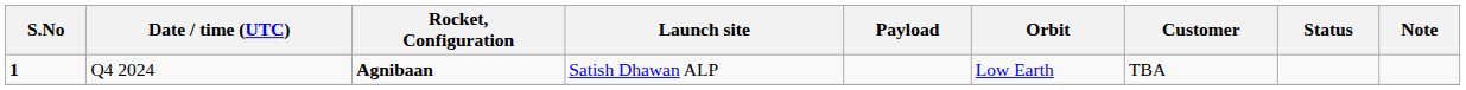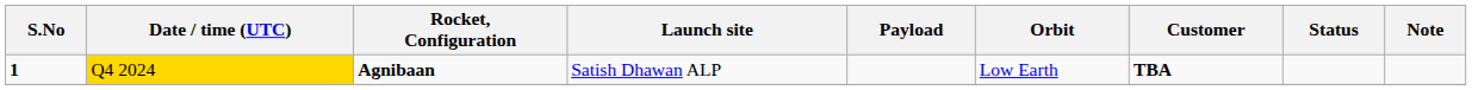 <table class="wikitable plainrowheaders" style="width: 100%;">
 <tr>
 <th scope="col">S.No</th>
 <th scope="col">Date / time (<a href='#'>UTC</a>)</th>
 <th scope="col">Rocket,<br>Configuration</th>
 <th scope="col">Launch site</th>
 <th scope="col">Payload</th>
 <th scope="col">Orbit</th>
 <th>Customer</th>
 <th>Status</th>
 <th>Note</th>
 </tr>
 <tr>
 <td><strong>1</strong></td>
-<td>Q4 2024</td>
+<td style="background: gold;">Q4 2024</td>
 <td><strong>Agnibaan</strong></td>
 <td><a href='#'>Satish Dhawan</a> ALP</td>
 <td></td>
 <td><a href='#'>Low Earth</a></td>
-<td>TBA</td>
+<td><strong>TBA</strong></td>
 <td></td>
 <td></td>
 </tr>
 <tr>
 </tr>
 </table>
